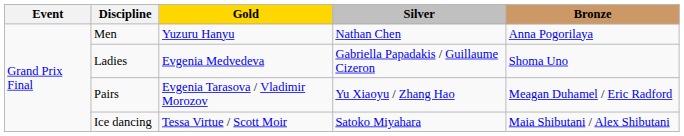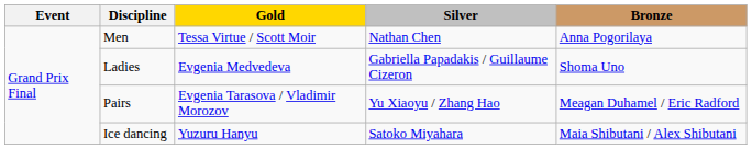 <table class="wikitable" style="width:98%;">
 <tr>
 <th style="width:10%;">Event</th>
 <th style="width:5%;">Discipline</th>
 <td style="text-align:center; width:20%; background:gold;"><strong>Gold</strong></td>
 <td style="text-align:center; width:20%; background:silver;"><strong>Silver</strong></td>
 <td style="text-align:center; width:20%; background:#c96;"><strong>Bronze</strong></td>
 </tr>
 <tr>
 <td rowspan=4><a href='#'>Grand Prix Final</a></td>
 <td>Men</td>
-<td> <a href='#'>Yuzuru Hanyu</a></td>
+<td> <a href='#'>Tessa Virtue</a> / <a href='#'>Scott Moir</a></td>
 <td> <a href='#'>Nathan Chen</a></td>
 <td> <a href='#'>Anna Pogorilaya</a></td>
 </tr>
 <tr>
 <td>Ladies</td>
 <td> <a href='#'>Evgenia Medvedeva</a></td>
 <td> <a href='#'>Gabriella Papadakis</a> / <a href='#'>Guillaume Cizeron</a></td>
 <td> <a href='#'>Shoma Uno</a></td>
 </tr>
 <tr>
 <td>Pairs</td>
 <td> <a href='#'>Evgenia Tarasova</a> / <a href='#'>Vladimir Morozov</a></td>
 <td> <a href='#'>Yu Xiaoyu</a> / <a href='#'>Zhang Hao</a></td>
 <td> <a href='#'>Meagan Duhamel</a> / <a href='#'>Eric Radford</a></td>
 </tr>
 <tr>
 <td>Ice dancing</td>
-<td> <a href='#'>Tessa Virtue</a> / <a href='#'>Scott Moir</a></td>
+<td> <a href='#'>Yuzuru Hanyu</a></td>
 <td> <a href='#'>Satoko Miyahara</a></td>
 <td> <a href='#'>Maia Shibutani</a> / <a href='#'>Alex Shibutani</a></td>
 </tr>
 </table>
